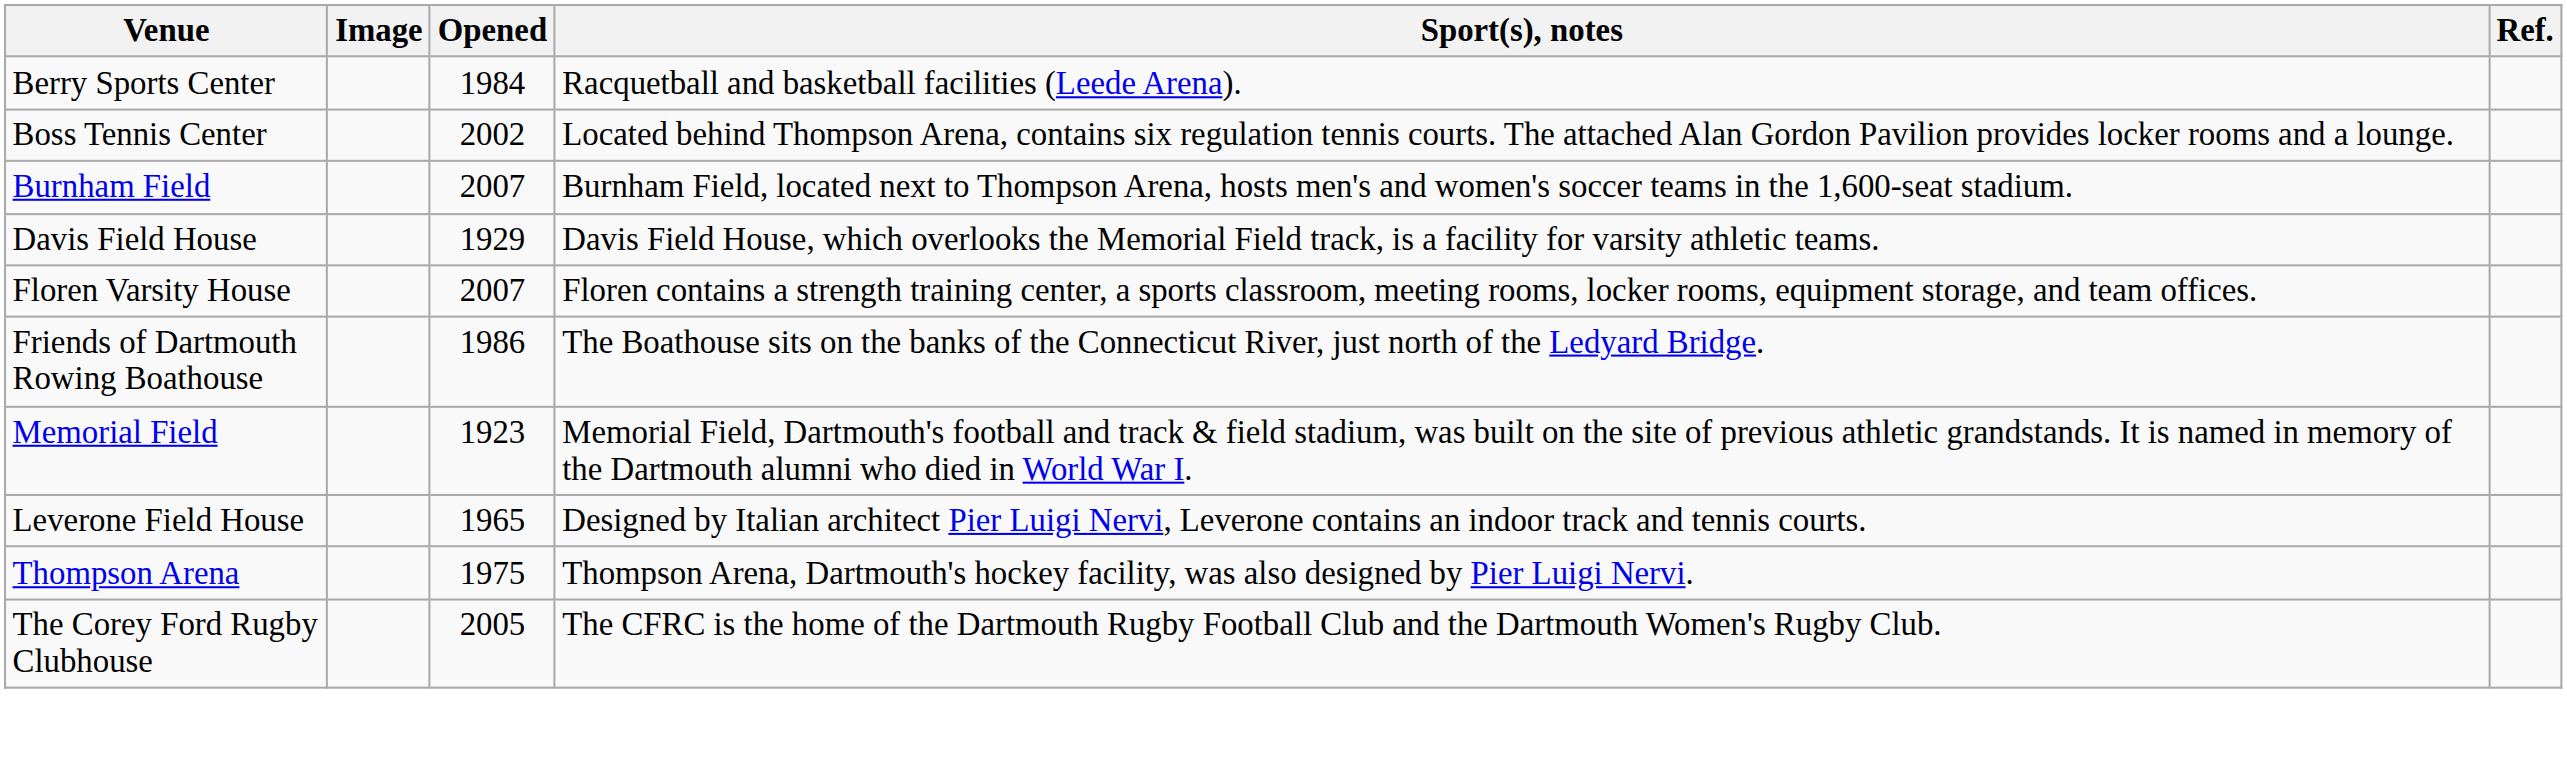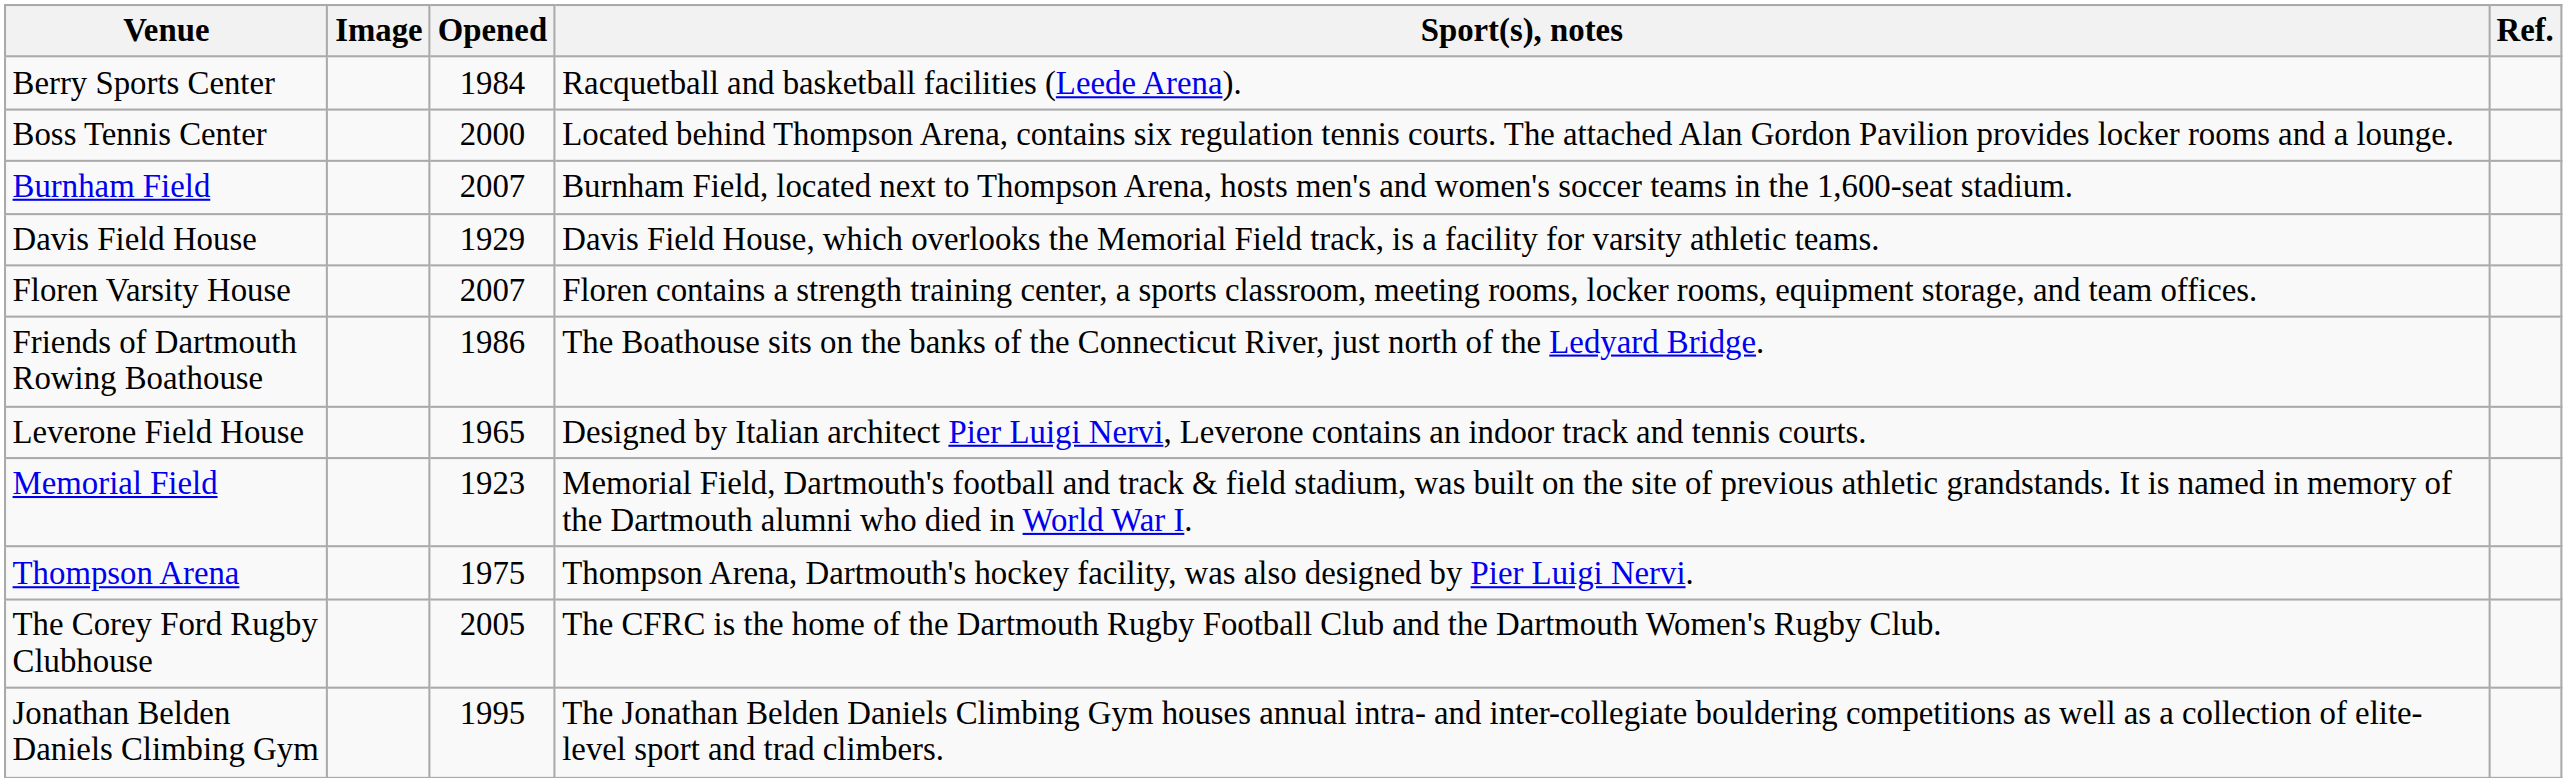 <table class="wikitable sortable" style="width: ">
 <tr>
 <th width=150px>Venue</th>
 <th width=px>Image</th>
 <th width=px>Opened</th>
 <th width=px>Sport(s), notes</th>
 <th width=px>Ref.</th>
 </tr>
 <tr valign="top">
 <td>Berry Sports Center</td>
 <td style="text-align:center;"></td>
 <td style="text-align:center;">1984</td>
 <td>Racquetball and basketball facilities (<a href='#'>Leede Arena</a>).</td>
 <td style="text-align:center;"></td>
 </tr>
 <tr valign="top">
 <td>Boss Tennis Center</td>
 <td style="text-align:center;"></td>
-<td style="text-align:center;">2002</td>
+<td style="text-align:center;">2000</td>
 <td>Located behind Thompson Arena, contains six regulation tennis courts. The attached Alan Gordon Pavilion provides locker rooms and a lounge.</td>
 <td style="text-align:center;"></td>
 </tr>
 <tr valign="top">
 <td><a href='#'>Burnham Field</a></td>
 <td style="text-align:center;"></td>
 <td style="text-align:center;">2007</td>
 <td>Burnham Field, located next to Thompson Arena, hosts men's and women's soccer teams in the 1,600-seat stadium.</td>
 <td style="text-align:center;"></td>
 </tr>
 <tr valign="top">
 <td>Davis Field House</td>
 <td style="text-align:center;"></td>
 <td style="text-align:center;">1929</td>
 <td>Davis Field House, which overlooks the Memorial Field track, is a facility for varsity athletic teams.</td>
 <td style="text-align:center;"></td>
 </tr>
 <tr valign="top">
 <td>Floren Varsity House</td>
 <td style="text-align:center;"></td>
 <td style="text-align:center;">2007</td>
 <td>Floren contains a strength training center, a sports classroom, meeting rooms, locker rooms, equipment storage, and team offices.</td>
 <td style="text-align:center;"></td>
 </tr>
 <tr valign="top">
 <td>Friends of Dartmouth Rowing Boathouse</td>
 <td style="text-align:center;"></td>
 <td style="text-align:center;">1986</td>
 <td>The Boathouse sits on the banks of the Connecticut River, just north of the <a href='#'>Ledyard Bridge</a>.</td>
 <td style="text-align:center;"></td>
 </tr>
 <tr valign="top">
+<td>Leverone Field House</td>
+<td style="text-align:center;"></td>
+<td style="text-align:center;">1965</td>
+<td>Designed by Italian architect <a href='#'>Pier Luigi Nervi</a>, Leverone contains an indoor track and tennis courts.</td>
+<td style="text-align:center;"></td>
+</tr>
+<tr valign="top">
 <td><a href='#'>Memorial Field</a></td>
 <td style="text-align:center;"></td>
 <td style="text-align:center;">1923</td>
 <td>Memorial Field, Dartmouth's football and track & field stadium, was built on the site of previous athletic grandstands. It is named in memory of the Dartmouth alumni who died in <a href='#'>World War I</a>.</td>
-<td style="text-align:center;"></td>
-</tr>
-<tr valign="top">
-<td>Leverone Field House</td>
-<td style="text-align:center;"></td>
-<td style="text-align:center;">1965</td>
-<td>Designed by Italian architect <a href='#'>Pier Luigi Nervi</a>, Leverone contains an indoor track and tennis courts.</td>
 <td style="text-align:center;"></td>
 </tr>
 <tr valign="top">
 <td><a href='#'>Thompson Arena</a></td>
 <td style="text-align:center;"></td>
 <td style="text-align:center;">1975</td>
 <td>Thompson Arena, Dartmouth's hockey facility, was also designed by <a href='#'>Pier Luigi Nervi</a>.</td>
 <td style="text-align:center;"></td>
 </tr>
 <tr valign="top">
 <td>The Corey Ford Rugby Clubhouse</td>
 <td style="text-align:center;"></td>
 <td style="text-align:center;">2005</td>
 <td>The CFRC is the home of the Dartmouth Rugby Football Club and the Dartmouth Women's Rugby Club.</td>
 <td style="text-align:center;"></td>
 </tr>
+<tr valign="top">
+<td>Jonathan Belden Daniels Climbing Gym</td>
+<td style="text-align:center;"></td>
+<td style="text-align:center;">1995</td>
+<td>The Jonathan Belden Daniels Climbing Gym houses annual intra- and inter-collegiate bouldering competitions as well as a collection of elite-level sport and trad climbers.</td>
+<td style="text-align:center;"></td>
+</tr>
 </table>
